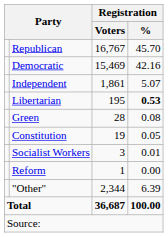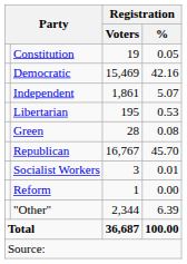 <table class="wikitable">
 <tr>
 <th colspan="2" rowspan="2">Party</th>
 <th colspan="2">Registration</th>
 </tr>
 <tr>
 <th>Voters</th>
 <th>%</th>
 </tr>
 <tr>
 <td style="background-color:"></td>
-<td><a href='#'>Republican</a></td>
-<td style="text-align:right;">16,767</td>
-<td style="text-align:right;">45.70</td>
+<td><a href='#'>Constitution</a></td>
+<td style="text-align:right;">19</td>
+<td style="text-align:right;">0.05</td>
 </tr>
 <tr>
 <td style="background-color:"></td>
 <td><a href='#'>Democratic</a></td>
 <td style="text-align:right;">15,469</td>
 <td style="text-align:right;">42.16</td>
 </tr>
 <tr>
 <td style="background-color:"></td>
 <td><a href='#'>Independent</a></td>
 <td style="text-align:right;">1,861</td>
 <td style="text-align:right;">5.07</td>
 </tr>
 <tr>
 <td style="background-color:"></td>
 <td><a href='#'>Libertarian</a></td>
 <td style="text-align:right;">195</td>
-<td style="text-align:right;"><strong>0.53</strong></td>
+<td style="text-align:right;">0.53</td>
 </tr>
 <tr>
 <td style="background-color:"></td>
 <td><a href='#'>Green</a></td>
 <td style="text-align:right;">28</td>
 <td style="text-align:right;">0.08</td>
 </tr>
 <tr>
 <td style="background-color:"></td>
-<td><a href='#'>Constitution</a></td>
-<td style="text-align:right;">19</td>
-<td style="text-align:right;">0.05</td>
+<td><a href='#'>Republican</a></td>
+<td style="text-align:right;">16,767</td>
+<td style="text-align:right;">45.70</td>
 </tr>
 <tr>
 <td style="background-color:"></td>
 <td><a href='#'>Socialist Workers</a></td>
 <td style="text-align:right;">3</td>
 <td style="text-align:right;">0.01</td>
 </tr>
 <tr>
 <td style="background-color:"></td>
 <td><a href='#'>Reform</a></td>
 <td style="text-align:right;">1</td>
 <td style="text-align:right;">0.00</td>
 </tr>
 <tr>
 <td></td>
 <td>"Other"</td>
 <td style="text-align:right;">2,344</td>
 <td style="text-align:right;">6.39</td>
 </tr>
 <tr>
 <td colspan="2"><strong>Total</strong></td>
 <td style="text-align:right;"><strong>36,687</strong></td>
 <td style="text-align:right;"><strong>100.00</strong></td>
 </tr>
 <tr>
 <td colspan="4">Source: <em></em></td>
 </tr>
 </table>
